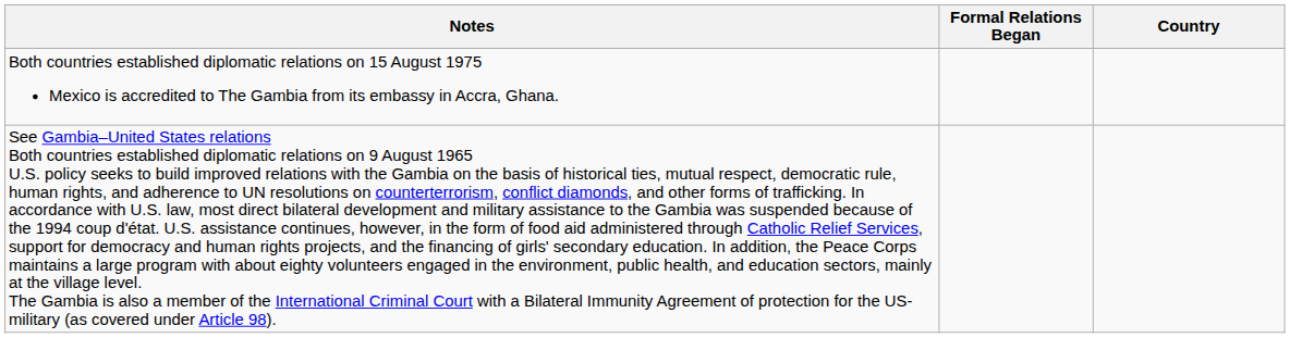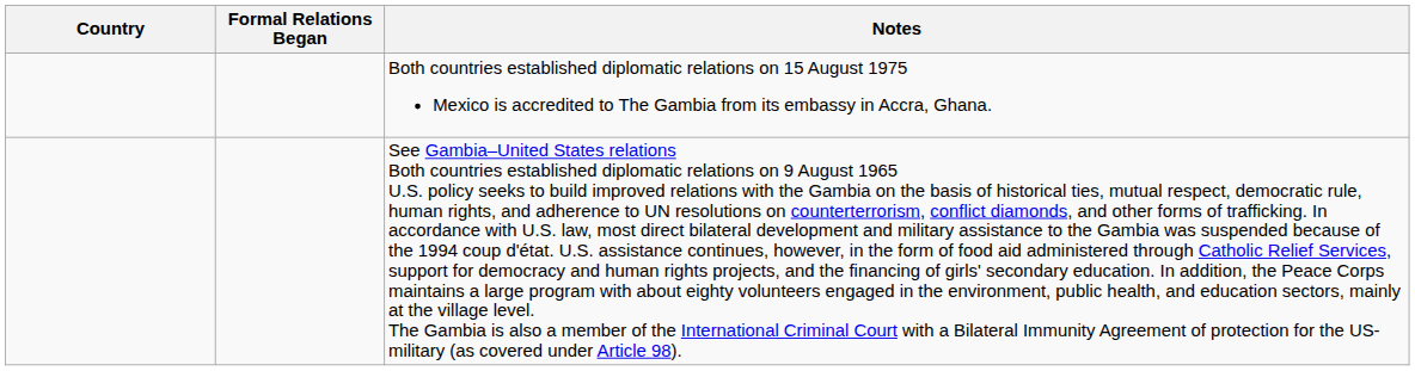 <table class="wikitable sortable" style="width:100%; margin:auto;">
 <tr h>
+<th style="width:15%;">Country</th>
+<th style="width:12%;">Formal Relations Began</th>
 <th>Notes</th>
-<th style="width:12%;">Formal Relations Began</th>
-<th style="width:15%;">Country</th>
 </tr>
 <tr>
-<td>Both countries established diplomatic relations on 15 August 1975<br><ul><li>Mexico is accredited to The Gambia from its embassy in Accra, Ghana.</li></ul></td>
 <td></td>
 <td></td>
+<td>Both countries established diplomatic relations on 15 August 1975<br><ul><li>Mexico is accredited to The Gambia from its embassy in Accra, Ghana.</li></ul></td>
 </tr>
 <tr>
-<td>See <a href='#'>Gambia–United States relations</a><br>Both countries established diplomatic relations on 9 August 1965<br>U.S. policy seeks to build improved relations with the Gambia on the basis of historical ties, mutual respect, democratic rule, human rights, and adherence to UN resolutions on <a href='#'>counterterrorism</a>, <a href='#'>conflict diamonds</a>, and other forms of trafficking. In accordance with U.S. law, most direct bilateral development and military assistance to the Gambia was suspended because of the 1994 coup d'état. U.S. assistance continues, however, in the form of food aid administered through <a href='#'>Catholic Relief Services</a>, support for democracy and human rights projects, and the financing of girls' secondary education. In addition, the Peace Corps maintains a large program with about eighty volunteers engaged in the environment, public health, and education sectors, mainly at the village level.<br>The Gambia is also a member of the <a href='#'>International Criminal Court</a> with a Bilateral Immunity Agreement of protection for the US-military (as covered under <a href='#'>Article 98</a>).</td>
 <td></td>
 <td></td>
+<td>See <a href='#'>Gambia–United States relations</a><br>Both countries established diplomatic relations on 9 August 1965<br>U.S. policy seeks to build improved relations with the Gambia on the basis of historical ties, mutual respect, democratic rule, human rights, and adherence to UN resolutions on <a href='#'>counterterrorism</a>, <a href='#'>conflict diamonds</a>, and other forms of trafficking. In accordance with U.S. law, most direct bilateral development and military assistance to the Gambia was suspended because of the 1994 coup d'état. U.S. assistance continues, however, in the form of food aid administered through <a href='#'>Catholic Relief Services</a>, support for democracy and human rights projects, and the financing of girls' secondary education. In addition, the Peace Corps maintains a large program with about eighty volunteers engaged in the environment, public health, and education sectors, mainly at the village level.<br>The Gambia is also a member of the <a href='#'>International Criminal Court</a> with a Bilateral Immunity Agreement of protection for the US-military (as covered under <a href='#'>Article 98</a>).</td>
 </tr>
 </table>
